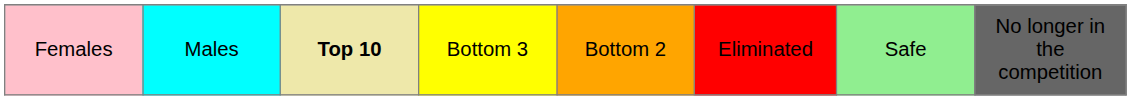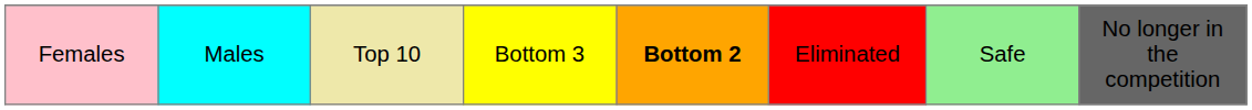 <table border="2" cellpadding="8" style="background:silver; border:1px solid gray; border-collapse:collapse; margin:1em auto; text-align:center; ">
 <tr>
 </tr>
 <tr>
 <td style="background:pink;" width="10%">Females</td>
 <td style="background:cyan;" width="10%">Males</td>
-<td style="background:palegoldenrod;" width="10%"><strong>Top 10</strong></td>
+<td style="background:palegoldenrod;" width="10%">Top 10</td>
 <td style="background:yellow;" width="10%">Bottom 3</td>
-<td style="background:orange;" width="10%">Bottom 2</td>
+<td style="background:orange;" width="10%"><strong>Bottom 2</strong></td>
 <td style="background:red;" width="10%"><span>Eliminated</span></td>
 <td style="background:lightgreen;" width="10%">Safe</td>
 <td style="background:#666666;" width="10%"><span>No longer in the competition</span></td>
 </tr>
 </table>
